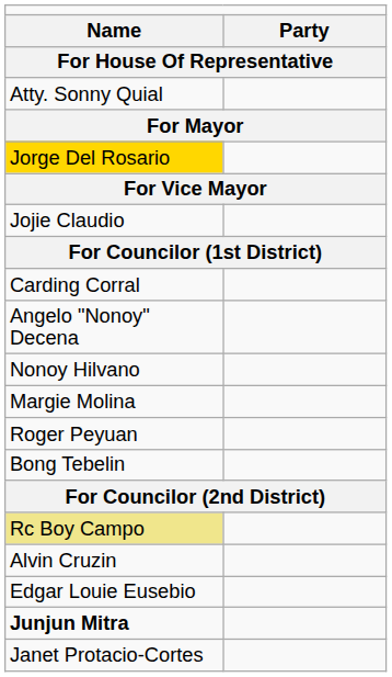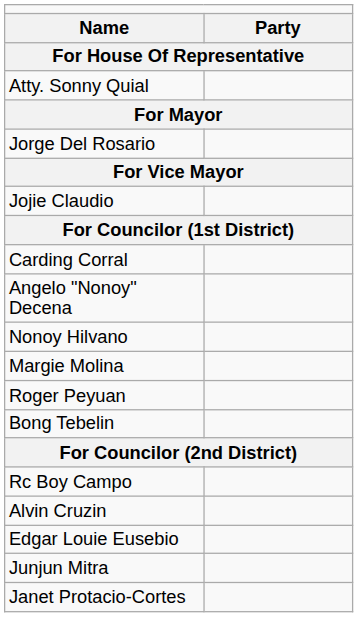 <table class="wikitable" style="font-size:90%">
 <tr>
 <td colspan="4" style="color:inherit;background:"></td>
 </tr>
 <tr>
 <th width="150px">Name</th>
 <th colspan="2" width="110px">Party</th>
 </tr>
 <tr>
 <th colspan="3">For House Of Representative</th>
 </tr>
 <tr>
 <td>Atty. Sonny Quial</td>
 <td></td>
 </tr>
 <tr>
 <th colspan="3">For Mayor</th>
 </tr>
 <tr>
-<td style="background: gold;">Jorge Del Rosario</td>
+<td>Jorge Del Rosario</td>
 <td></td>
 </tr>
 <tr>
 <th colspan="3">For Vice Mayor</th>
 </tr>
 <tr>
 <td>Jojie Claudio</td>
 <td></td>
 </tr>
 <tr>
 <th colspan="3">For Councilor (1st District)</th>
 </tr>
 <tr>
 <td>Carding Corral</td>
 <td></td>
 </tr>
 <tr>
 <td>Angelo "Nonoy" Decena</td>
 <td></td>
 </tr>
 <tr>
 <td>Nonoy Hilvano</td>
 <td></td>
 </tr>
 <tr>
 <td>Margie Molina</td>
 <td></td>
 </tr>
 <tr>
 <td>Roger Peyuan</td>
 <td></td>
 </tr>
 <tr>
 <td>Bong Tebelin</td>
 <td></td>
 </tr>
 <tr>
 <th colspan="3">For Councilor (2nd District)</th>
 </tr>
 <tr>
-<td style="background: khaki;">Rc Boy Campo</td>
+<td>Rc Boy Campo</td>
 <td></td>
 </tr>
 <tr>
 <td>Alvin Cruzin</td>
 <td></td>
 </tr>
 <tr>
 <td>Edgar Louie Eusebio</td>
 <td></td>
 </tr>
 <tr>
-<td><strong>Junjun Mitra</strong></td>
+<td>Junjun Mitra</td>
 <td></td>
 </tr>
 <tr>
 <td>Janet Protacio-Cortes</td>
 <td></td>
 </tr>
 </table>
